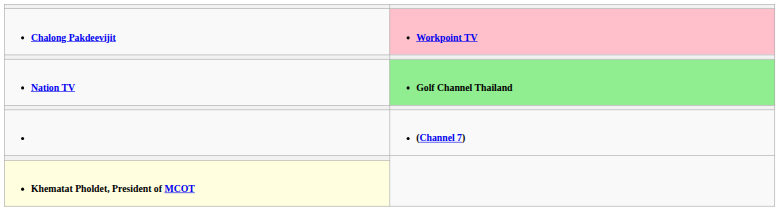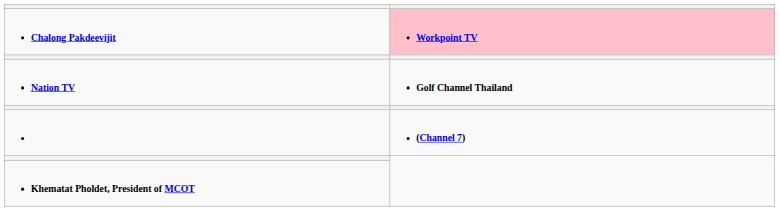 <table class=wikitable width="100%">
 <tr>
 <th></th>
 <th></th>
 </tr>
 <tr>
 <td valign="top" width="50%"><br><ul><li><strong><a href='#'>Chalong Pakdeevijit</a></strong></li></ul></td>
 <td valign="top" width="50%" style="background: pink;"><br><ul><li><strong><a href='#'>Workpoint TV</a></strong></li></ul></td>
 </tr>
 <tr>
 <th></th>
 <th></th>
 </tr>
 <tr>
 <td valign="top" width="50%"><br><ul><li><strong><a href='#'>Nation TV</a></strong></li></ul></td>
-<td valign="top" width="50%" style="background: lightgreen;"><br><ul><li><strong>Golf Channel Thailand</strong></li></ul></td>
+<td valign="top" width="50%"><br><ul><li><strong>Golf Channel Thailand</strong></li></ul></td>
 </tr>
 <tr>
 <th></th>
 <th></th>
 </tr>
 <tr>
 <td valign="top" width="50%"><br><ul><li><strong></strong></li></ul></td>
 <td valign="top" width="50%"><br><ul><li><strong> (<a href='#'>Channel 7</a>)</strong></li></ul></td>
 </tr>
 <tr>
 <th></th>
 </tr>
 <tr>
-<td valign="top" width="50%" style="background: lightyellow;"><br><ul><li><strong>Khematat Pholdet, President of <a href='#'>MCOT</a></strong></li></ul></td>
+<td valign="top" width="50%"><br><ul><li><strong>Khematat Pholdet, President of <a href='#'>MCOT</a></strong></li></ul></td>
 </tr>
 </table>
